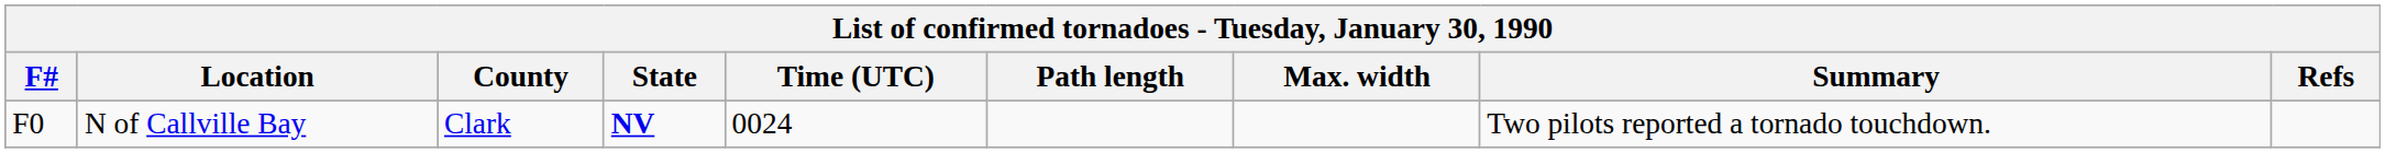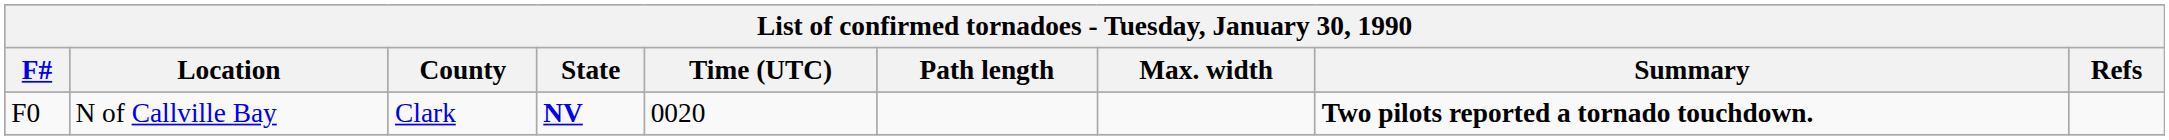 <table class="wikitable collapsible" width="100%">
 <tr>
 <th colspan="9">List of confirmed tornadoes - Tuesday, January 30, 1990</th>
 </tr>
 <tr>
 <th><a href='#'>F#</a></th>
 <th>Location</th>
 <th>County</th>
 <th>State</th>
 <th>Time (UTC)</th>
 <th>Path length</th>
 <th>Max. width</th>
 <th>Summary</th>
 <th>Refs</th>
 </tr>
 <tr>
 <td>F0</td>
 <td>N of <a href='#'>Callville Bay</a></td>
 <td><a href='#'>Clark</a></td>
 <td><strong><a href='#'>NV</a></strong></td>
-<td>0024</td>
+<td>0020</td>
 <td></td>
 <td></td>
-<td>Two pilots reported a tornado touchdown.</td>
+<td><strong>Two pilots reported a tornado touchdown.</strong></td>
 <td></td>
 </tr>
 </table>
